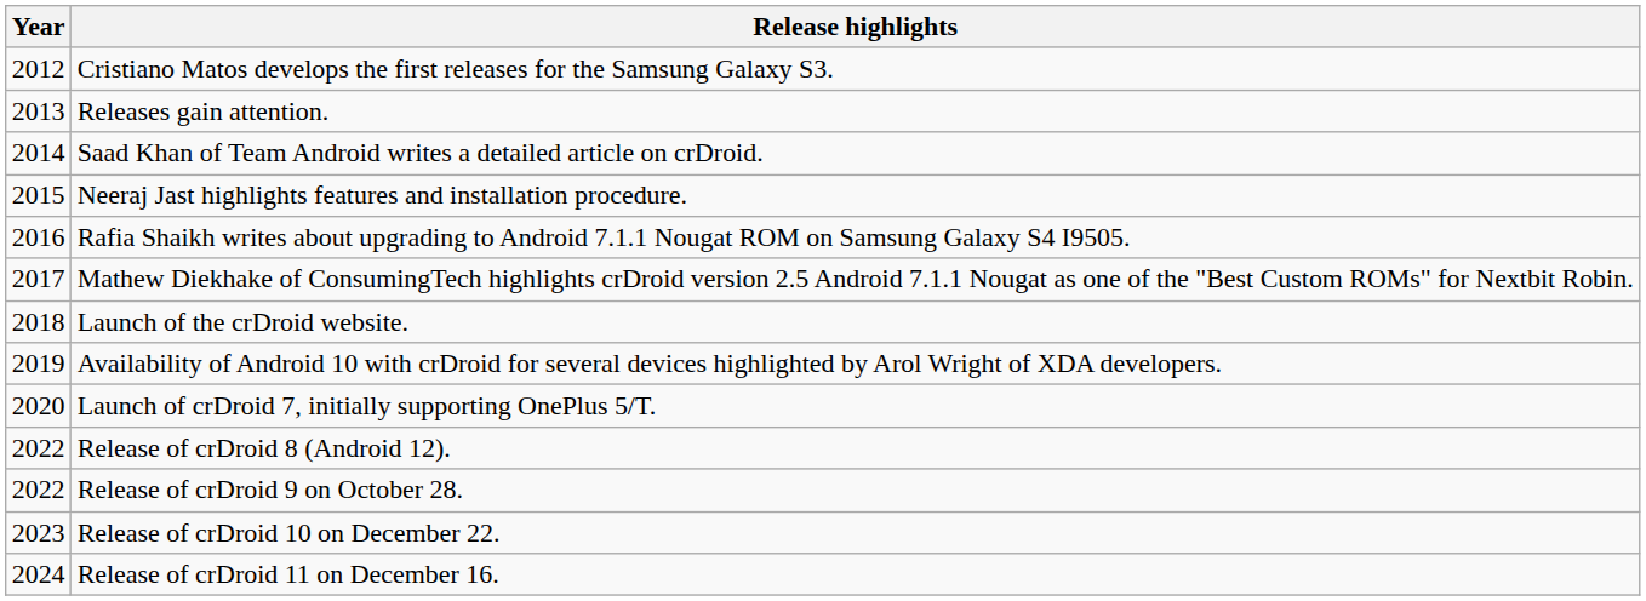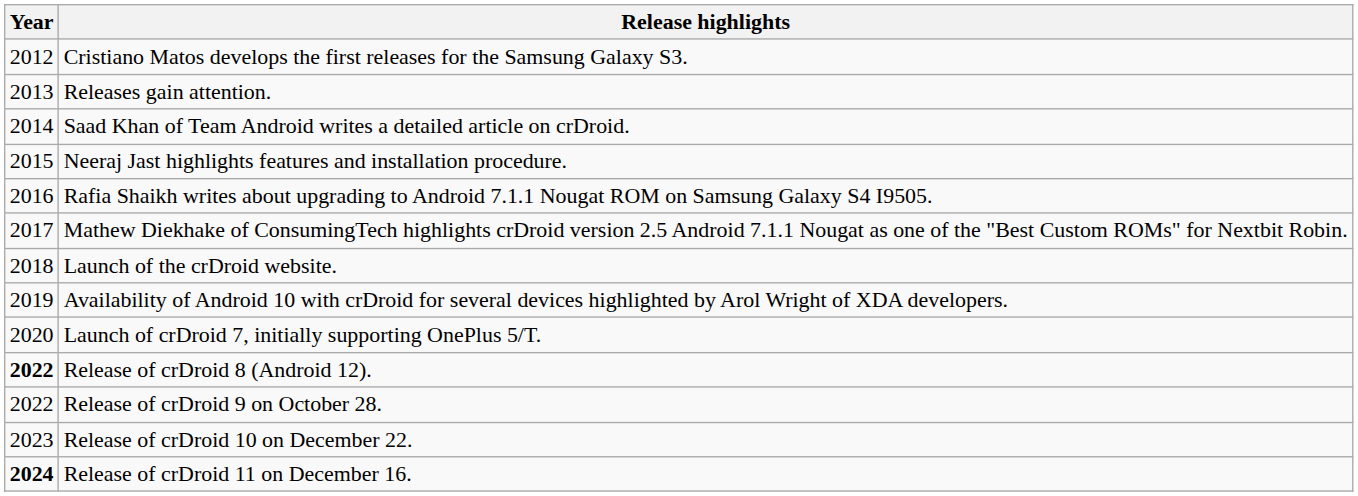 <table class="wikitable">
 <tr>
 <th>Year</th>
 <th>Release highlights</th>
 </tr>
 <tr>
 <td>2012</td>
 <td>Cristiano Matos develops the first releases for the Samsung Galaxy S3.</td>
 </tr>
 <tr>
 <td>2013</td>
 <td>Releases gain attention.</td>
 </tr>
 <tr>
 <td>2014</td>
 <td>Saad Khan of Team Android writes a detailed article on crDroid.</td>
 </tr>
 <tr>
 <td>2015</td>
 <td>Neeraj Jast highlights features and installation procedure.</td>
 </tr>
 <tr>
 <td>2016</td>
 <td>Rafia Shaikh writes about upgrading to Android 7.1.1 Nougat ROM on Samsung Galaxy S4 I9505.</td>
 </tr>
 <tr>
 <td>2017</td>
 <td>Mathew Diekhake of ConsumingTech highlights crDroid version 2.5 Android 7.1.1 Nougat as one of the "Best Custom ROMs" for Nextbit Robin.</td>
 </tr>
 <tr>
 <td>2018</td>
 <td>Launch of the crDroid website.</td>
 </tr>
 <tr>
 <td>2019</td>
 <td>Availability of Android 10 with crDroid for several devices highlighted by Arol Wright of XDA developers.</td>
 </tr>
 <tr>
 <td>2020</td>
 <td>Launch of crDroid 7, initially supporting OnePlus 5/T.</td>
 </tr>
 <tr>
-<td>2022</td>
+<td><strong>2022</strong></td>
 <td>Release of crDroid 8 (Android 12).</td>
 </tr>
 <tr>
 <td>2022</td>
 <td>Release of crDroid 9 on October 28.</td>
 </tr>
 <tr>
 <td>2023</td>
 <td>Release of crDroid 10 on December 22.</td>
 </tr>
 <tr>
-<td>2024</td>
+<td><strong>2024</strong></td>
 <td>Release of crDroid 11 on December 16.</td>
 </tr>
 </table>
